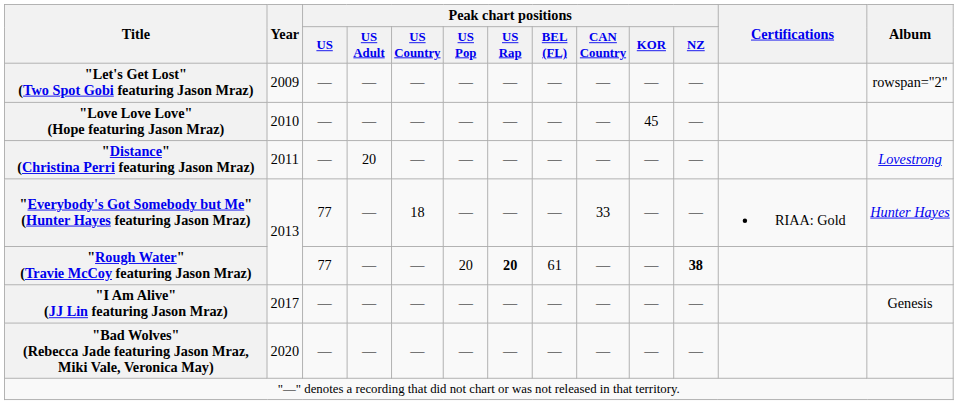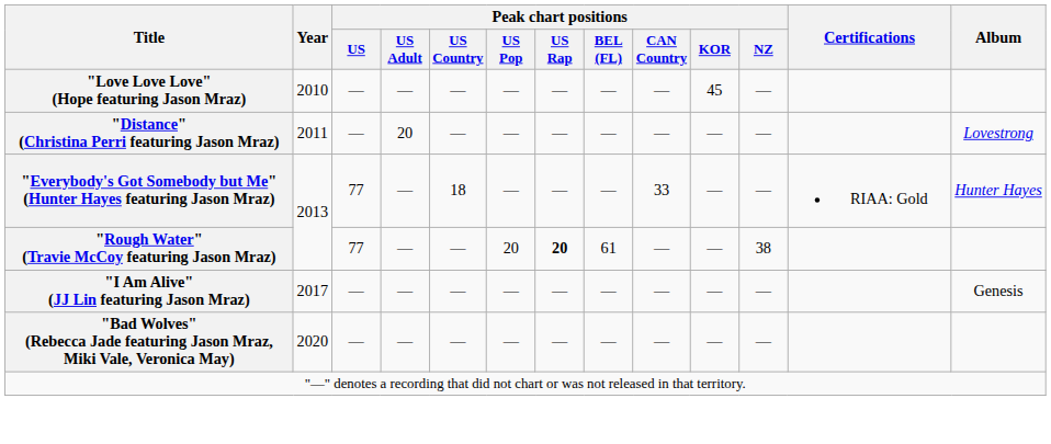 <table class="wikitable plainrowheaders" style="text-align:center;" border="1">
 <tr>
 <th scope="col" rowspan="2" style="width:18em;">Title</th>
 <th scope="col" rowspan="2">Year</th>
 <th scope="col" colspan="9">Peak chart positions</th>
 <th scope="col" rowspan="2" style="width:10em;"><a href='#'>Certifications</a></th>
 <th scope="col" rowspan="2">Album</th>
 </tr>
 <tr>
 <th scope="col" style="width:3em;font-size:90%;"><a href='#'>US</a><br></th>
 <th scope="col" style="width:3em;font-size:90%;"><a href='#'>US<br>Adult</a><br></th>
 <th scope="col" style="width:3em;font-size:90%;"><a href='#'>US<br>Country</a><br></th>
 <th scope="col" style="width:3em;font-size:90%;"><a href='#'>US<br>Pop</a><br></th>
 <th scope="col" style="width:3em;font-size:90%;"><a href='#'>US<br>Rap</a><br></th>
 <th scope="col" style="width:3em;font-size:90%;"><a href='#'>BEL<br>(FL)</a><br></th>
 <th scope="col" style="width:3em;font-size:90%;"><a href='#'>CAN<br>Country</a><br></th>
 <th scope="col" style="width:3em;font-size:90%;"><a href='#'>KOR</a><br></th>
 <th scope="col" style="width:3em;font-size:90%;"><a href='#'>NZ</a><br></th>
-</tr>
-<tr>
-<th scope="row">"Let's Get Lost"<br><span>(<a href='#'>Two Spot Gobi</a> featuring Jason Mraz)</span></th>
-<td>2009</td>
-<td>—</td>
-<td>—</td>
-<td>—</td>
-<td>—</td>
-<td>—</td>
-<td>—</td>
-<td>—</td>
-<td>—</td>
-<td>—</td>
-<td></td>
-<td>rowspan="2" </td>
 </tr>
 <tr>
 <th scope="row">"Love Love Love"<br><span>(Hope featuring Jason Mraz)</span></th>
 <td>2010</td>
 <td>—</td>
 <td>—</td>
 <td>—</td>
 <td>—</td>
 <td>—</td>
 <td>—</td>
 <td>—</td>
 <td>45</td>
 <td>—</td>
 <td></td>
 </tr>
 <tr>
 <th scope="row">"<a href='#'>Distance</a>"<br><span>(<a href='#'>Christina Perri</a> featuring Jason Mraz)</span></th>
 <td>2011</td>
 <td>—</td>
 <td>20</td>
 <td>—</td>
 <td>—</td>
 <td>—</td>
 <td>—</td>
 <td>—</td>
 <td>—</td>
 <td>—</td>
 <td></td>
 <td><em><a href='#'>Lovestrong</a></em></td>
 </tr>
 <tr>
 <th scope="row">"<a href='#'>Everybody's Got Somebody but Me</a>"<br><span>(<a href='#'>Hunter Hayes</a> featuring Jason Mraz)</span></th>
 <td rowspan="2">2013</td>
 <td>77</td>
 <td>—</td>
 <td>18</td>
 <td>—</td>
 <td>—</td>
 <td>—</td>
 <td>33</td>
 <td>—</td>
 <td>—</td>
 <td><br><ul><li>RIAA: Gold</li></ul></td>
 <td><em><a href='#'>Hunter Hayes</a></em></td>
 </tr>
 <tr>
 <th scope="row">"<a href='#'>Rough Water</a>"<br><span>(<a href='#'>Travie McCoy</a> featuring Jason Mraz)</span></th>
 <td>77</td>
 <td>—</td>
 <td>—</td>
 <td>20</td>
 <td><strong>20</strong></td>
 <td>61</td>
 <td>—</td>
 <td>—</td>
-<td><strong>38</strong></td>
+<td>38</td>
 <td></td>
 <td></td>
 </tr>
 <tr>
 <th scope="row">"I Am Alive"<br><span>(<a href='#'>JJ Lin</a> featuring Jason Mraz)</span></th>
 <td>2017</td>
 <td>—</td>
 <td>—</td>
 <td>—</td>
 <td>—</td>
 <td>—</td>
 <td>—</td>
 <td>—</td>
 <td>—</td>
 <td>—</td>
 <td></td>
 <td>Genesis</td>
 </tr>
 <tr>
 <th scope="row">"Bad Wolves"<br><span>(Rebecca Jade featuring Jason Mraz, Miki Vale, Veronica May)</span></th>
 <td>2020</td>
 <td>—</td>
 <td>—</td>
 <td>—</td>
 <td>—</td>
 <td>—</td>
 <td>—</td>
 <td>—</td>
 <td>—</td>
 <td>—</td>
 <td></td>
 <td></td>
 </tr>
 <tr>
 <td colspan="13" style="font-size:90%">"—" denotes a recording that did not chart or was not released in that territory.</td>
 </tr>
 </table>
